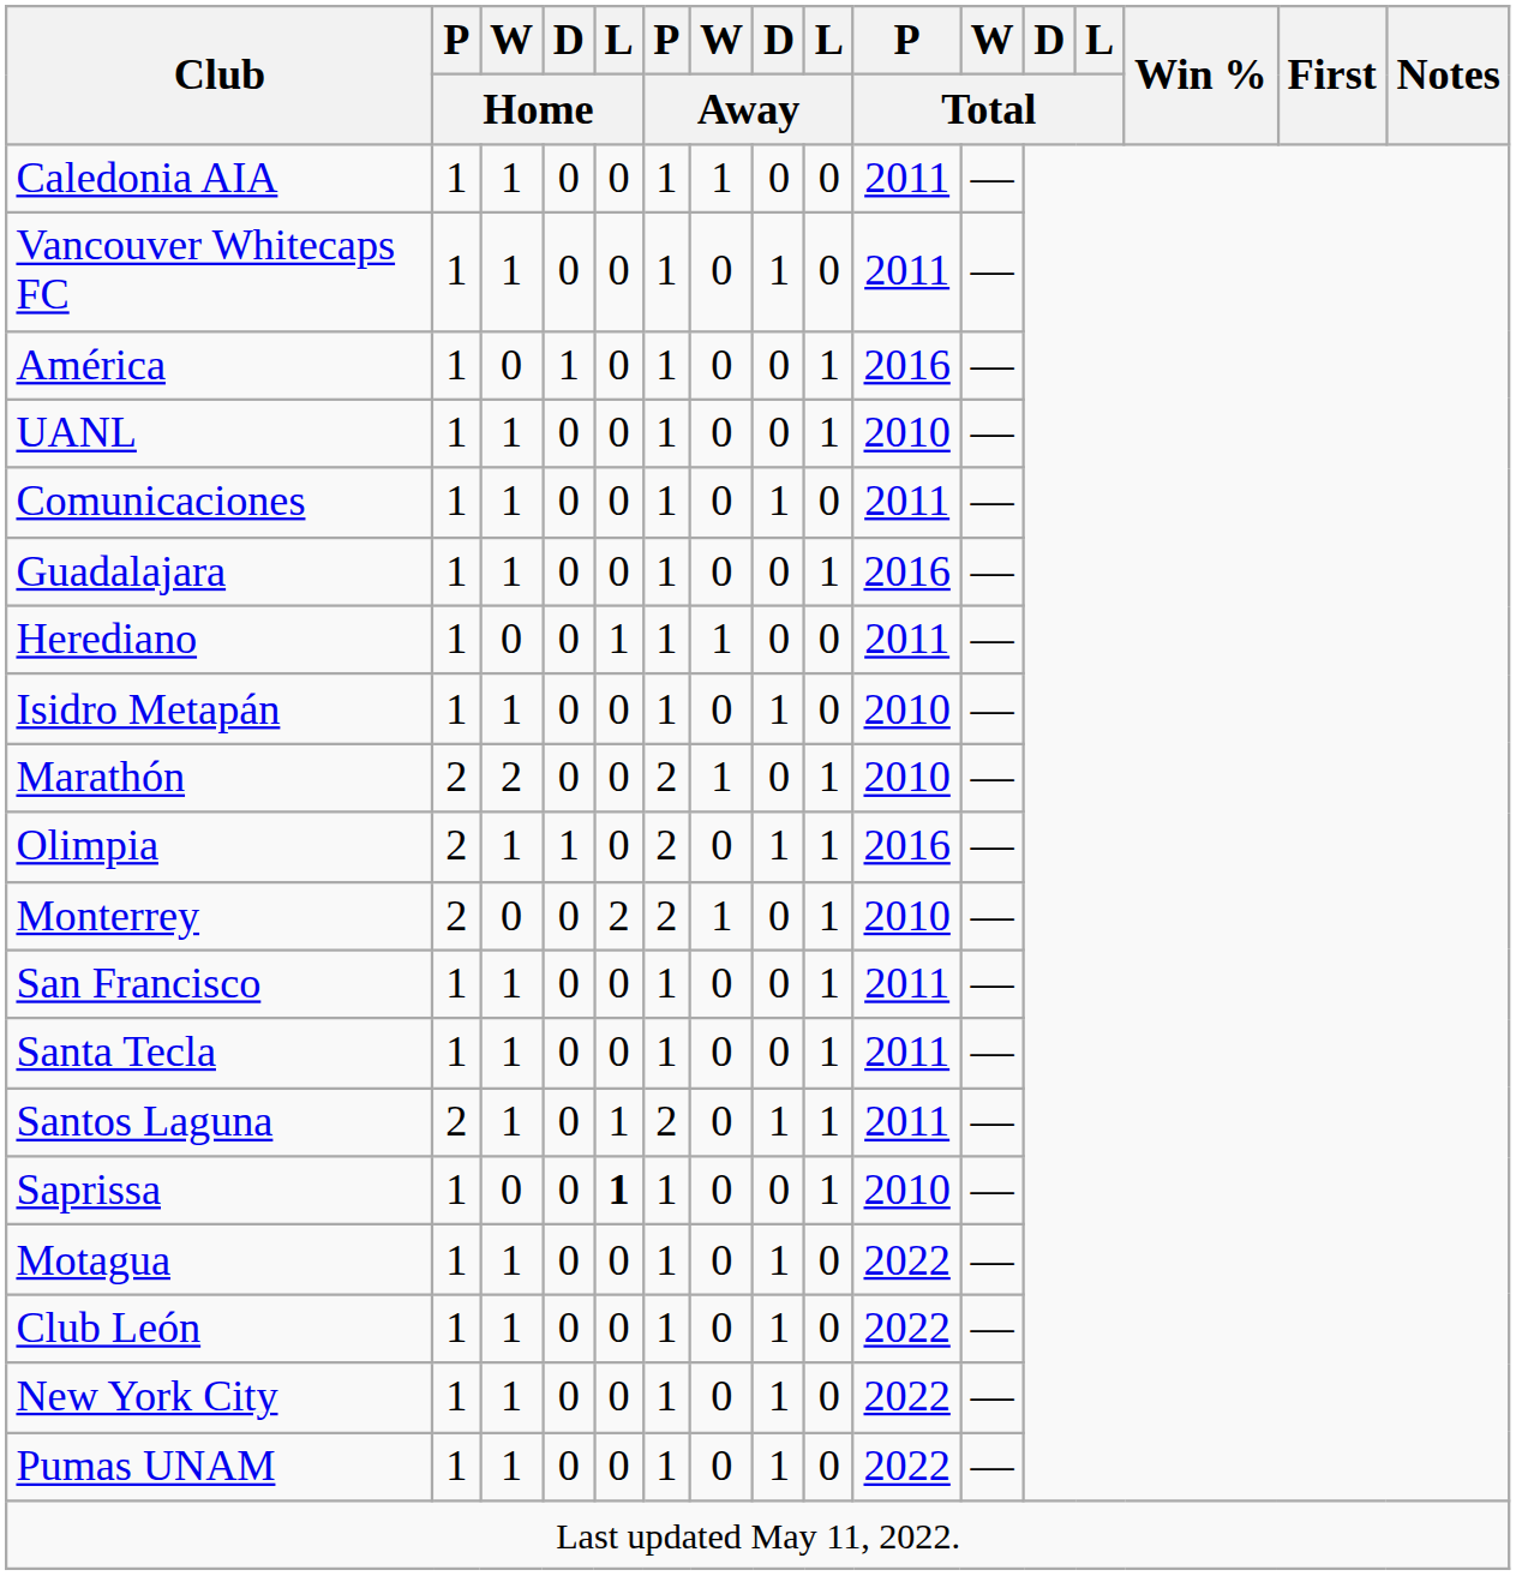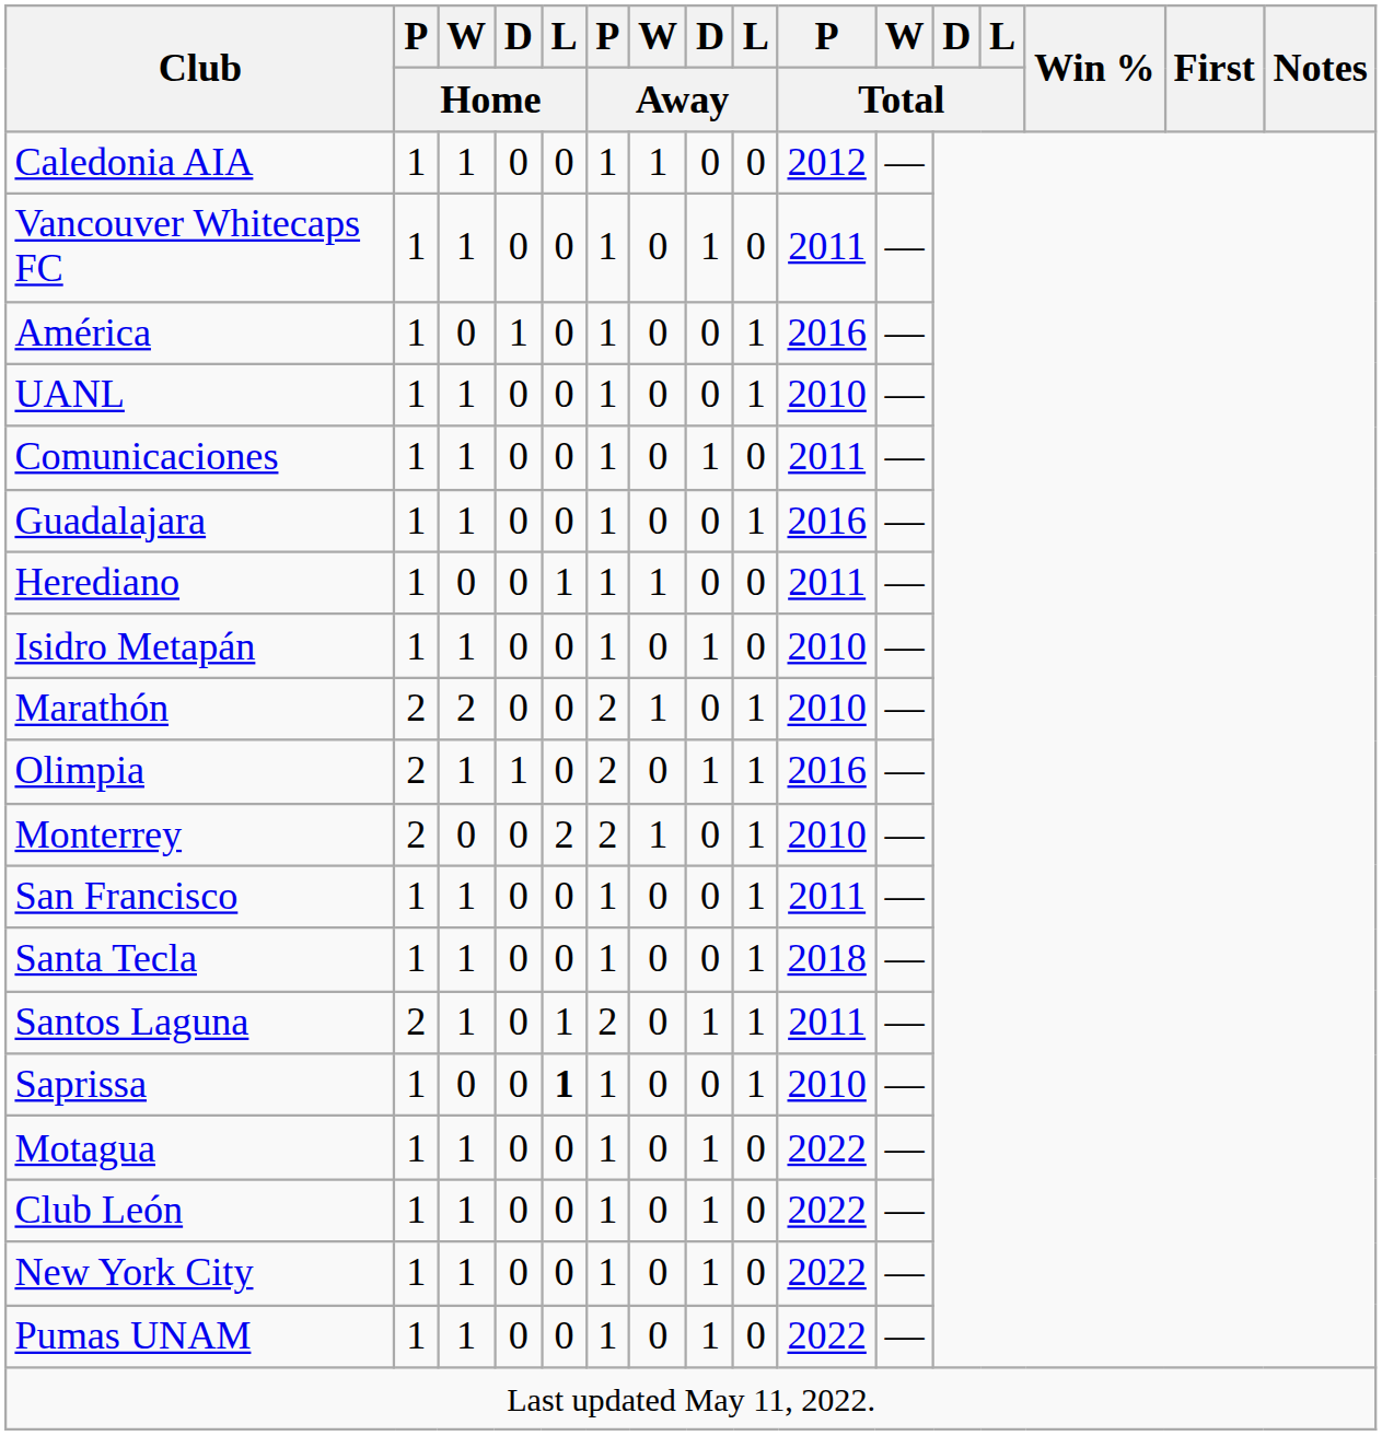 <table class="wikitable sortable" style="text-align:center;">
 <tr>
 <th width="150" rowspan="2">Club</th>
 <th>P</th>
 <th>W</th>
 <th>D</th>
 <th>L</th>
 <th>P</th>
 <th>W</th>
 <th>D</th>
 <th>L</th>
 <th>P</th>
 <th>W</th>
 <th>D</th>
 <th>L</th>
 <th rowspan="2">Win %</th>
 <th rowspan="2">First</th>
 <th class="unsortable" rowspan="2">Notes</th>
 </tr>
 <tr class="unsortable">
 <th colspan="4">Home</th>
 <th colspan="4">Away</th>
 <th colspan="4">Total</th>
 </tr>
 <tr>
 <td align="left"> <a href='#'>Caledonia AIA</a></td>
 <td>1</td>
 <td>1</td>
 <td>0</td>
 <td>0<br></td>
 <td>1</td>
 <td>1</td>
 <td>0</td>
 <td>0<br> </td>
-<td><a href='#'>2011</a></td>
+<td><a href='#'>2012</a></td>
 <td>—</td>
 </tr>
 <tr>
 <td align="left"> <a href='#'>Vancouver Whitecaps FC</a></td>
 <td>1</td>
 <td>1</td>
 <td>0</td>
 <td>0<br></td>
 <td>1</td>
 <td>0</td>
 <td>1</td>
 <td>0<br> </td>
 <td><a href='#'>2011</a></td>
 <td>—</td>
 </tr>
 <tr>
 <td align="left"> <a href='#'>América</a></td>
 <td>1</td>
 <td>0</td>
 <td>1</td>
 <td>0<br></td>
 <td>1</td>
 <td>0</td>
 <td>0</td>
 <td>1<br> </td>
 <td><a href='#'>2016</a></td>
 <td>—</td>
 </tr>
 <tr>
 <td align="left"> <a href='#'>UANL</a></td>
 <td>1</td>
 <td>1</td>
 <td>0</td>
 <td>0<br></td>
 <td>1</td>
 <td>0</td>
 <td>0</td>
 <td>1<br> </td>
 <td><a href='#'>2010</a></td>
 <td>—</td>
 </tr>
 <tr>
 <td align="left"> <a href='#'>Comunicaciones</a></td>
 <td>1</td>
 <td>1</td>
 <td>0</td>
 <td>0<br></td>
 <td>1</td>
 <td>0</td>
 <td>1</td>
 <td>0<br> </td>
 <td><a href='#'>2011</a></td>
 <td>—</td>
 </tr>
 <tr>
 <td align="left"> <a href='#'>Guadalajara</a></td>
 <td>1</td>
 <td>1</td>
 <td>0</td>
 <td>0<br></td>
 <td>1</td>
 <td>0</td>
 <td>0</td>
 <td>1<br> </td>
 <td><a href='#'>2016</a></td>
 <td>—</td>
 </tr>
 <tr>
 <td align="left"> <a href='#'>Herediano</a></td>
 <td>1</td>
 <td>0</td>
 <td>0</td>
 <td>1<br></td>
 <td>1</td>
 <td>1</td>
 <td>0</td>
 <td>0<br> </td>
 <td><a href='#'>2011</a></td>
 <td>—</td>
 </tr>
 <tr>
 <td align="left"> <a href='#'>Isidro Metapán</a></td>
 <td>1</td>
 <td>1</td>
 <td>0</td>
 <td>0<br></td>
 <td>1</td>
 <td>0</td>
 <td>1</td>
 <td>0<br> </td>
 <td><a href='#'>2010</a></td>
 <td>—</td>
 </tr>
 <tr>
 <td align="left"> <a href='#'>Marathón</a></td>
 <td>2</td>
 <td>2</td>
 <td>0</td>
 <td>0<br></td>
 <td>2</td>
 <td>1</td>
 <td>0</td>
 <td>1<br> </td>
 <td><a href='#'>2010</a></td>
 <td>—</td>
 </tr>
 <tr>
 <td align="left"> <a href='#'>Olimpia</a></td>
 <td>2</td>
 <td>1</td>
 <td>1</td>
 <td>0<br></td>
 <td>2</td>
 <td>0</td>
 <td>1</td>
 <td>1<br> </td>
 <td><a href='#'>2016</a></td>
 <td>—</td>
 </tr>
 <tr>
 <td align="left"> <a href='#'>Monterrey</a></td>
 <td>2</td>
 <td>0</td>
 <td>0</td>
 <td>2<br></td>
 <td>2</td>
 <td>1</td>
 <td>0</td>
 <td>1<br> </td>
 <td><a href='#'>2010</a></td>
 <td>—</td>
 </tr>
 <tr>
 <td align="left"> <a href='#'>San Francisco</a></td>
 <td>1</td>
 <td>1</td>
 <td>0</td>
 <td>0<br></td>
 <td>1</td>
 <td>0</td>
 <td>0</td>
 <td>1<br> </td>
 <td><a href='#'>2011</a></td>
 <td>—</td>
 </tr>
 <tr>
 <td align="left"> <a href='#'>Santa Tecla</a></td>
 <td>1</td>
 <td>1</td>
 <td>0</td>
 <td>0<br></td>
 <td>1</td>
 <td>0</td>
 <td>0</td>
 <td>1<br> </td>
-<td><a href='#'>2011</a></td>
+<td><a href='#'>2018</a></td>
 <td>—</td>
 </tr>
 <tr>
 <td align="left"> <a href='#'>Santos Laguna</a></td>
 <td>2</td>
 <td>1</td>
 <td>0</td>
 <td>1<br></td>
 <td>2</td>
 <td>0</td>
 <td>1</td>
 <td>1<br> </td>
 <td><a href='#'>2011</a></td>
 <td>—</td>
 </tr>
 <tr>
 <td align="left"> <a href='#'>Saprissa</a></td>
 <td>1</td>
 <td>0</td>
 <td>0</td>
 <td><strong>1<br></strong></td>
 <td>1</td>
 <td>0</td>
 <td>0</td>
 <td>1<br> </td>
 <td><a href='#'>2010</a></td>
 <td>—</td>
 </tr>
 <tr>
 <td align="left"> <a href='#'>Motagua</a></td>
 <td>1</td>
 <td>1</td>
 <td>0</td>
 <td>0<br></td>
 <td>1</td>
 <td>0</td>
 <td>1</td>
 <td>0<br> </td>
 <td><a href='#'>2022</a></td>
 <td>—</td>
 </tr>
 <tr>
 <td align="left"> <a href='#'>Club León</a></td>
 <td>1</td>
 <td>1</td>
 <td>0</td>
 <td>0<br></td>
 <td>1</td>
 <td>0</td>
 <td>1</td>
 <td>0<br> </td>
 <td><a href='#'>2022</a></td>
 <td>—</td>
 </tr>
 <tr>
 <td align="left"> <a href='#'>New York City</a></td>
 <td>1</td>
 <td>1</td>
 <td>0</td>
 <td>0<br></td>
 <td>1</td>
 <td>0</td>
 <td>1</td>
 <td>0<br> </td>
 <td><a href='#'>2022</a></td>
 <td>—</td>
 </tr>
 <tr>
 <td align="left"> <a href='#'>Pumas UNAM</a></td>
 <td>1</td>
 <td>1</td>
 <td>0</td>
 <td>0<br></td>
 <td>1</td>
 <td>0</td>
 <td>1</td>
 <td>0<br> </td>
 <td><a href='#'>2022</a></td>
 <td>—</td>
 </tr>
 <tr class="sortbottom">
 <td class="unsortable" colspan="18"><small>Last updated May 11, 2022.</small></td>
 </tr>
 </table>
